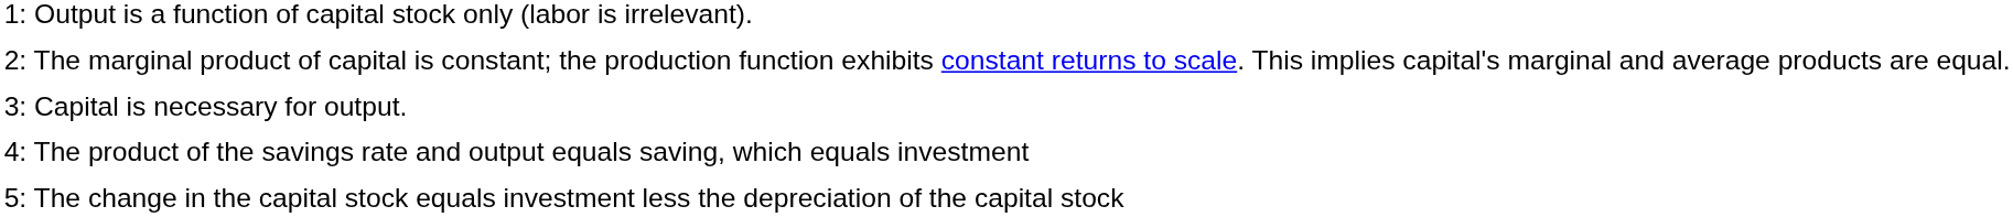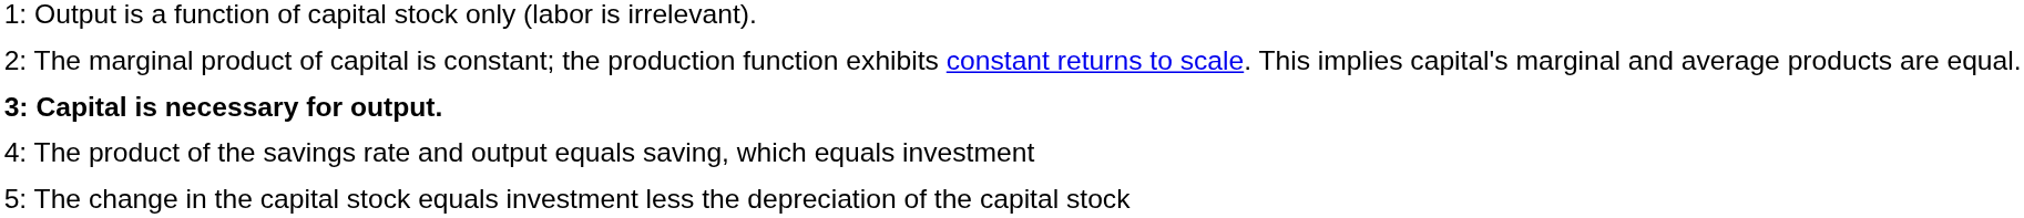 <table border="0" cellspacing="5" cellpadding="2">
 <tr>
 <td></td>
 <td>1:  Output is a function of capital stock only (labor is irrelevant).</td>
 </tr>
 <tr>
 <td></td>
 <td>2:  The marginal product of capital is constant; the production function exhibits <a href='#'>constant returns to scale</a>. This implies capital's marginal and average products are equal.</td>
 </tr>
 <tr>
 <td></td>
-<td>3:  Capital is necessary for output.</td>
+<td><strong>3:  Capital is necessary for output.</strong></td>
 </tr>
 <tr>
 <td></td>
 <td>4:  The product of the savings rate and output equals saving, which equals investment</td>
 </tr>
 <tr>
 <td></td>
 <td>5:  The change in the capital stock equals investment less the depreciation of the capital stock</td>
 </tr>
 </table>
